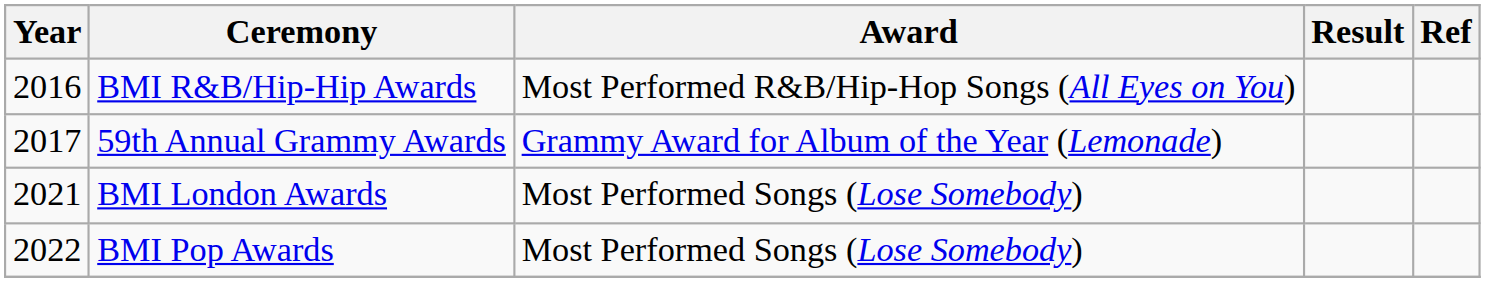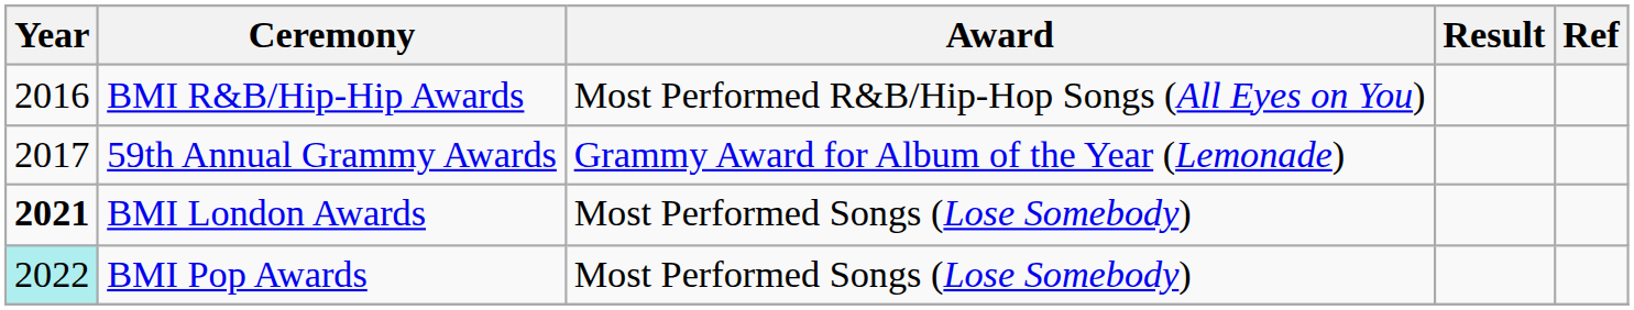 <table class="wikitable">
 <tr style="background:#ccc; text-align:center;">
 <th scope="col">Year</th>
 <th scope="col">Ceremony</th>
 <th scope="col">Award</th>
 <th scope="col">Result</th>
 <th>Ref</th>
 </tr>
 <tr>
 <td>2016</td>
 <td><a href='#'>BMI R&B/Hip-Hip Awards</a></td>
 <td>Most Performed R&B/Hip-Hop Songs (<em><a href='#'>All Eyes on You</a></em>)</td>
 <td></td>
 <td style="text-align:center;"></td>
 </tr>
 <tr>
 <td>2017</td>
 <td><a href='#'>59th Annual Grammy Awards</a></td>
 <td><a href='#'>Grammy Award for Album of the Year</a> (<em><a href='#'>Lemonade</a></em>)</td>
 <td></td>
 <td style="text-align:center;"></td>
 </tr>
 <tr>
-<td>2021</td>
+<td><strong>2021</strong></td>
 <td><a href='#'>BMI London Awards</a></td>
 <td>Most Performed Songs (<em><a href='#'>Lose Somebody</a></em>)</td>
 <td></td>
 <td style="text-align:center;"></td>
 </tr>
 <tr>
-<td>2022</td>
+<td style="background: paleturquoise;">2022</td>
 <td><a href='#'>BMI Pop Awards</a></td>
 <td>Most Performed Songs (<em><a href='#'>Lose Somebody</a></em>)</td>
 <td></td>
 <td style="text-align:center;"></td>
 </tr>
 <tr>
 </tr>
 </table>
